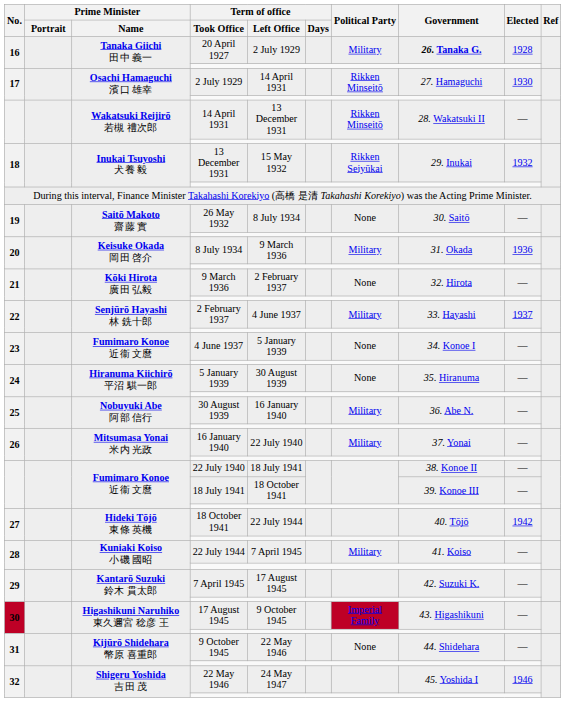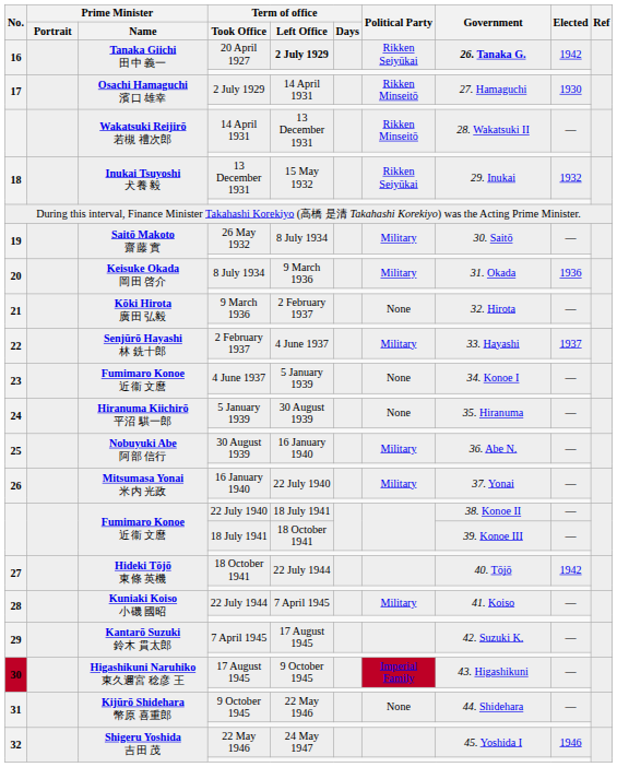 <table class="wikitable"  style="text-align:center; width:100%;">
 <tr>
 <th rowspan=2 style="width:25px;">No.</th>
 <th colspan=2 style="width:280px;">Prime Minister</th>
 <th colspan=3>Term of office</th>
 <th style="width:100px;" rowspan="2">Political Party</th>
 <th style="width:160px;" rowspan="2">Government</th>
 <th rowspan=2>Elected</th>
 <th rowspan=2 style="width:20px;">Ref</th>
 </tr>
 <tr>
 <th>Portrait</th>
 <th style="width:180px;">Name</th>
 <th>Took Office</th>
 <th>Left Office</th>
 <th>Days</th>
 </tr>
 <tr style="background:#eee;">
 <th rowspan=2 style="background:">16</th>
 <td rowspan=2></td>
 <td rowspan=2><strong><a href='#'>Tanaka Giichi</a></strong><br><span><span>田中 義一</span></span><br></td>
 <td>20 April 1927</td>
-<td>2 July 1929</td>
+<td><strong>2 July 1929</strong></td>
 <td></td>
-<td style="background:"><a href='#'>Military</a> </td>
+<td style="background:"><a href='#'>Rikken Seiyūkai</a></td>
 <td><strong><em>26.</em> <a href='#'>Tanaka G.</a></strong></td>
-<td><a href='#'>1928</a></td>
+<td><a href='#'>1942</a></td>
 <td rowspan=2></td>
 </tr>
 <tr>
 <td colspan="6" style="text-align:left;"></td>
 </tr>
 <tr style="background:#eee;">
 <th rowspan=2 style="background:">17</th>
 <td rowspan=2></td>
 <td rowspan=2><strong><a href='#'>Osachi Hamaguchi</a></strong><br><span><span>濱口 雄幸</span></span><br></td>
 <td>2 July 1929</td>
 <td>14 April 1931</td>
 <td></td>
 <td style="background:"><a href='#'>Rikken Minseitō</a></td>
 <td><em>27.</em> <a href='#'>Hamaguchi</a></td>
 <td><a href='#'>1930</a></td>
 <td rowspan=2></td>
 </tr>
 <tr>
 <td colspan="6" style="text-align:left;"></td>
 </tr>
 <tr style="background:#eee;">
 <th rowspan=2 style="background:"></th>
 <td rowspan=2></td>
 <td rowspan=2><strong><a href='#'>Wakatsuki Reijirō</a></strong><br><span><span>若槻 禮次郎</span></span><br></td>
 <td>14 April 1931</td>
 <td>13 December 1931</td>
 <td></td>
 <td style="background:"><a href='#'>Rikken Minseitō</a></td>
 <td><em>28.</em> <a href='#'>Wakatsuki II</a></td>
 <td>—</td>
 <td rowspan=2></td>
 </tr>
 <tr>
 <td colspan="6" style="text-align:left;"></td>
 </tr>
 <tr style="background:#eee;">
 <th rowspan=2 style="background:">18</th>
 <td rowspan=2></td>
 <td rowspan=2><strong><a href='#'>Inukai Tsuyoshi</a></strong><br><span><span>犬養 毅</span></span><br></td>
 <td>13 December 1931</td>
 <td>15 May 1932</td>
 <td></td>
 <td style="background:"><a href='#'>Rikken Seiyūkai</a></td>
 <td><em>29.</em> <a href='#'>Inukai</a></td>
 <td><a href='#'>1932</a></td>
 <td rowspan=2></td>
 </tr>
 <tr>
 <td colspan="6" style="text-align:left;"></td>
 </tr>
 <tr style="background:#eee;">
 <td colspan=10>During this interval, Finance Minister <a href='#'>Takahashi Korekiyo</a> (<span><span>高橋 是清</span></span> <em>Takahashi Korekiyo</em>) was the Acting Prime Minister.</td>
 </tr>
 <tr style="background:#eee;">
 <th rowspan=2 style="background:">19</th>
 <td rowspan=2></td>
 <td rowspan=2><strong><a href='#'>Saitō Makoto</a></strong><br><span><span>齋藤 實</span></span><br></td>
 <td>26 May 1932</td>
 <td>8 July 1934</td>
 <td></td>
-<td style="background:">None</td>
+<td style="background:"><a href='#'>Military</a> </td>
 <td><em>30.</em> <a href='#'>Saitō</a></td>
 <td>—</td>
 <td rowspan=2></td>
 </tr>
 <tr>
 <td colspan="6" style="text-align:left;"></td>
 </tr>
 <tr style="background:#eee;">
 <th rowspan=2 style="background:">20</th>
 <td rowspan=2></td>
 <td rowspan=2><strong><a href='#'>Keisuke Okada</a></strong><br><span><span>岡田 啓介</span></span><br></td>
 <td>8 July 1934</td>
 <td>9 March 1936</td>
 <td></td>
 <td style="background:"><a href='#'>Military</a> </td>
 <td><em>31.</em> <a href='#'>Okada</a></td>
 <td><a href='#'>1936</a></td>
 <td rowspan=2></td>
 </tr>
 <tr>
 <td colspan="6" style="text-align:left;"></td>
 </tr>
 <tr style="background:#eee;">
 <th rowspan=2 style="background:">21</th>
 <td rowspan=2></td>
 <td rowspan=2><strong><a href='#'>Kōki Hirota</a></strong><br><span><span>廣田 弘毅</span></span><br></td>
 <td>9 March 1936</td>
 <td>2 February 1937</td>
 <td></td>
 <td style="background:">None</td>
 <td><em>32.</em> <a href='#'>Hirota</a></td>
 <td>—</td>
 <td rowspan=2></td>
 </tr>
 <tr>
 <td colspan="6" style="text-align:left;"></td>
 </tr>
 <tr style="background:#eee;">
 <th rowspan=2 style="background:">22</th>
 <td rowspan=2></td>
 <td rowspan=2><strong><a href='#'>Senjūrō Hayashi</a></strong><br><span><span>林 銑十郎</span></span><br></td>
 <td>2 February 1937</td>
 <td>4 June 1937</td>
 <td></td>
 <td style="background:"><a href='#'>Military</a> </td>
 <td><em>33.</em> <a href='#'>Hayashi</a></td>
 <td><a href='#'>1937</a></td>
 <td rowspan=2></td>
 </tr>
 <tr>
 <td colspan="6" style="text-align:left;"></td>
 </tr>
 <tr style="background:#eee;">
 <th rowspan=2 style="background:">23</th>
 <td rowspan=2></td>
 <td rowspan=2><strong><a href='#'>Fumimaro Konoe</a></strong><br><span><span>近衞 文麿</span></span><br></td>
 <td>4 June 1937</td>
 <td>5 January 1939</td>
 <td></td>
 <td style="background:">None</td>
 <td><em>34.</em> <a href='#'>Konoe I</a></td>
 <td>—</td>
 <td rowspan=2></td>
 </tr>
 <tr>
 <td colspan="6" style="text-align:left;"></td>
 </tr>
 <tr style="background:#eee;">
 <th rowspan=2 style="background:">24</th>
 <td rowspan=2></td>
 <td rowspan=2><strong><a href='#'>Hiranuma Kiichirō</a></strong><br><span><span>平沼 騏一郎</span></span><br></td>
 <td>5 January 1939</td>
 <td>30 August 1939</td>
 <td></td>
 <td style="background:">None</td>
 <td><em>35.</em> <a href='#'>Hiranuma</a></td>
 <td>—</td>
 <td rowspan=2></td>
 </tr>
 <tr>
 <td colspan="6" style="text-align:left;"></td>
 </tr>
 <tr style="background:#eee;">
 <th rowspan=2 style="background:">25</th>
 <td rowspan=2></td>
 <td rowspan=2><strong><a href='#'>Nobuyuki Abe</a></strong><br><span><span>阿部 信行</span></span><br></td>
 <td>30 August 1939</td>
 <td>16 January 1940</td>
 <td></td>
 <td style="background:"><a href='#'>Military</a> </td>
 <td><em>36.</em> <a href='#'>Abe N.</a></td>
 <td>—</td>
 <td rowspan=2></td>
 </tr>
 <tr>
 <td colspan="6" style="text-align:left;"></td>
 </tr>
 <tr style="background:#eee;">
 <th rowspan=2 style="background:">26</th>
 <td rowspan=2></td>
 <td rowspan=2><strong><a href='#'>Mitsumasa Yonai</a></strong><br><span><span>米内 光政</span></span><br></td>
 <td>16 January 1940</td>
 <td>22 July 1940</td>
 <td></td>
 <td style="background:"><a href='#'>Military</a> </td>
 <td><em>37.</em> <a href='#'>Yonai</a></td>
 <td>—</td>
 <td rowspan=2></td>
 </tr>
 <tr>
 <td colspan="6" style="text-align:left;"></td>
 </tr>
 <tr style="background:#eee;">
 <th rowspan=3 style="background:"></th>
 <td rowspan=3></td>
 <td rowspan=3><strong><a href='#'>Fumimaro Konoe</a></strong><br><span><span>近衞 文麿</span></span><br></td>
 <td>22 July 1940</td>
 <td>18 July 1941</td>
 <td rowspan=2></td>
 <td rowspan=2 style="background:"><a href='#'></a></td>
 <td><em>38.</em> <a href='#'>Konoe II</a></td>
 <td>—</td>
 <td rowspan=3></td>
 </tr>
 <tr style="background:#eee;">
 <td>18 July 1941</td>
 <td>18 October 1941</td>
 <td><em>39.</em> <a href='#'>Konoe III</a></td>
 <td>—</td>
 </tr>
 <tr>
 <td colspan="6" style="text-align:left;"></td>
 </tr>
 <tr style="background:#eee;">
 <th rowspan=2 style="background:">27</th>
 <td rowspan=2></td>
 <td rowspan=2><strong><a href='#'>Hideki Tōjō</a></strong><br><span><span>東條 英機</span></span><br></td>
 <td>18 October 1941</td>
 <td>22 July 1944</td>
 <td></td>
 <td style="background:"><a href='#'></a></td>
 <td><em>40.</em> <a href='#'>Tōjō</a></td>
 <td><a href='#'>1942</a></td>
 <td rowspan=2></td>
 </tr>
 <tr>
 <td colspan="6" style="text-align:left;"></td>
 </tr>
 <tr style="background:#eee;">
 <th rowspan=2 style="background:">28</th>
 <td rowspan=2></td>
 <td rowspan=2><strong><a href='#'>Kuniaki Koiso</a></strong><br><span><span>小磯 國昭</span></span><br></td>
 <td>22 July 1944</td>
 <td>7 April 1945</td>
 <td></td>
 <td style="background:"><a href='#'>Military</a> </td>
 <td><em>41.</em> <a href='#'>Koiso</a></td>
 <td>—</td>
 <td rowspan=2></td>
 </tr>
 <tr>
 <td colspan="6" style="text-align:left;"></td>
 </tr>
 <tr style="background:#eee;">
 <th rowspan=2 style="background:">29</th>
 <td rowspan=2></td>
 <td rowspan=2><strong><a href='#'>Kantarō Suzuki</a></strong><br><span><span>鈴木 貫太郎</span></span><br></td>
 <td>7 April 1945</td>
 <td>17 August 1945</td>
 <td></td>
 <td style="background:"><a href='#'></a></td>
 <td><em>42.</em> <a href='#'>Suzuki K.</a></td>
 <td>—</td>
 <td rowspan=2></td>
 </tr>
 <tr>
 <td colspan="6" style="text-align:left;"></td>
 </tr>
 <tr style="background:#eee;">
 <th rowspan=2 style="background:#be0026;">30</th>
 <td rowspan=2></td>
 <td rowspan=2 nowrap><strong><a href='#'>Higashikuni Naruhiko</a></strong><br><span><span>東久邇宮 稔彦 王</span></span><br></td>
 <td>17 August 1945</td>
 <td>9 October 1945</td>
 <td></td>
 <td style="background:#be0026;"><a href='#'>Imperial Family</a></td>
 <td><em>43.</em> <a href='#'>Higashikuni</a></td>
 <td>—</td>
 <td rowspan=2></td>
 </tr>
 <tr>
 <td colspan="6" style="text-align:left;"></td>
 </tr>
 <tr style="background:#eee;">
 <th rowspan=2 style="background:">31</th>
 <td rowspan=2></td>
 <td rowspan=2><strong><a href='#'>Kijūrō Shidehara</a></strong><br><span><span>幣原 喜重郎</span></span><br></td>
 <td>9 October 1945</td>
 <td>22 May 1946</td>
 <td></td>
 <td style="background:">None</td>
 <td><em>44.</em> <a href='#'>Shidehara</a></td>
 <td>—</td>
 <td rowspan=2></td>
 </tr>
 <tr>
 <td colspan="6" style="text-align:left;"></td>
 </tr>
 <tr style="background:#eee;">
 <th rowspan=2 style="background:">32</th>
 <td rowspan=2></td>
 <td rowspan=2><strong><a href='#'>Shigeru Yoshida</a></strong><br><span><span>吉田 茂</span></span><br></td>
 <td>22 May 1946</td>
 <td>24 May 1947</td>
 <td></td>
 <td style="background:"><a href='#'></a></td>
 <td><em>45.</em> <a href='#'>Yoshida I</a></td>
 <td><a href='#'>1946</a></td>
 <td rowspan=2></td>
 </tr>
 <tr>
 <td colspan="6" style="text-align:left;"></td>
 </tr>
 </table>
